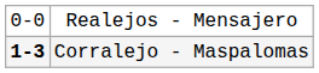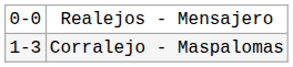 <table class="wikitable">
 <tr align=center bgcolor=white>
 <td>0-0</td>
 <td>Realejos - Mensajero</td>
 </tr>
 <tr align=center bgcolor=#F5F5F5>
-<td><strong>1-3</strong></td>
+<td>1-3</td>
 <td>Corralejo - Maspalomas</td>
 </tr>
 </table>
